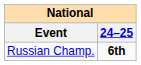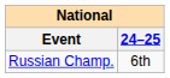 <table class="wikitable" style="text-align:center">
 <tr>
 <th style="background-color: #ffdead; " colspan=2 align=center>National</th>
 </tr>
 <tr>
 <th>Event</th>
 <th><a href='#'>24–25</a></th>
 </tr>
 <tr>
 <td align=left><a href='#'>Russian Champ.</a></td>
-<td><strong>6th</strong></td>
+<td>6th</td>
 </tr>
 </table>
